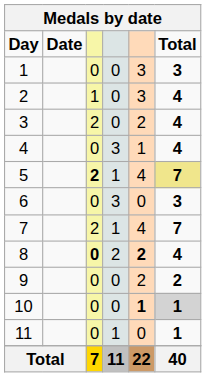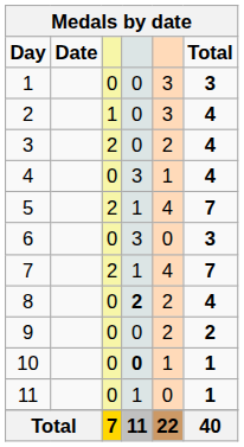 <table class="wikitable" style="font-size:95%">
 <tr style="background:#efefef;">
 <th colspan=6>Medals by date</th>
 </tr>
 <tr style="text-align:center;">
 <td><strong>Day</strong></td>
 <td><strong>Date</strong></td>
 <td style="background:#F7F6A8;"></td>
 <td style="background:#DCE5E5;"></td>
 <td style="background:#FFDAB9;"></td>
 <td><strong>Total</strong></td>
 </tr>
 <tr style="text-align:center;">
 <td>1</td>
 <td></td>
 <td style="background:#F7F6A8;">0</td>
 <td style="background:#DCE5E5;">0</td>
 <td style="background:#FFDAB9;">3</td>
 <td><strong>3</strong></td>
 </tr>
 <tr style="text-align:center;">
 <td>2</td>
 <td></td>
 <td style="background:#F7F6A8;">1</td>
 <td style="background:#DCE5E5;">0</td>
 <td style="background:#FFDAB9;">3</td>
 <td><strong>4</strong></td>
 </tr>
 <tr style="text-align:center;">
 <td>3</td>
 <td></td>
 <td style="background:#F7F6A8;">2</td>
 <td style="background:#DCE5E5;">0</td>
 <td style="background:#FFDAB9;">2</td>
 <td><strong>4</strong></td>
 </tr>
 <tr style="text-align:center;">
 <td>4</td>
 <td></td>
 <td style="background:#F7F6A8;">0</td>
 <td style="background:#DCE5E5;">3</td>
 <td style="background:#FFDAB9;">1</td>
 <td><strong>4</strong></td>
 </tr>
 <tr style="text-align:center;">
 <td>5</td>
 <td></td>
-<td style="background:#F7F6A8;"><strong>2</strong></td>
+<td style="background:#F7F6A8;">2</td>
 <td style="background:#DCE5E5;">1</td>
 <td style="background:#FFDAB9;">4</td>
-<td style="background: khaki;"><strong>7</strong></td>
+<td><strong>7</strong></td>
 </tr>
 <tr style="text-align:center;">
 <td>6</td>
 <td></td>
 <td style="background:#F7F6A8;">0</td>
 <td style="background:#DCE5E5;">3</td>
 <td style="background:#FFDAB9;">0</td>
 <td><strong>3</strong></td>
 </tr>
 <tr style="text-align:center;">
 <td>7</td>
 <td></td>
 <td style="background:#F7F6A8;">2</td>
 <td style="background:#DCE5E5;">1</td>
 <td style="background:#FFDAB9;">4</td>
 <td><strong>7</strong></td>
 </tr>
 <tr style="text-align:center;">
 <td>8</td>
 <td></td>
-<td style="background:#F7F6A8;"><strong>0</strong></td>
-<td style="background:#DCE5E5;">2</td>
-<td style="background:#FFDAB9;"><strong>2</strong></td>
+<td style="background:#F7F6A8;">0</td>
+<td style="background:#DCE5E5;"><strong>2</strong></td>
+<td style="background:#FFDAB9;">2</td>
 <td><strong>4</strong></td>
 </tr>
 <tr style="text-align:center;">
 <td>9</td>
 <td></td>
 <td style="background:#F7F6A8;">0</td>
 <td style="background:#DCE5E5;">0</td>
 <td style="background:#FFDAB9;">2</td>
 <td><strong>2</strong></td>
 </tr>
 <tr style="text-align:center;">
 <td>10</td>
 <td></td>
 <td style="background:#F7F6A8;">0</td>
-<td style="background:#DCE5E5;">0</td>
-<td style="background:#FFDAB9;"><strong>1</strong></td>
-<td style="background: lightgrey;"><strong>1</strong></td>
+<td style="background:#DCE5E5;"><strong>0</strong></td>
+<td style="background:#FFDAB9;">1</td>
+<td><strong>1</strong></td>
 </tr>
 <tr style="text-align:center;">
 <td>11</td>
 <td></td>
 <td style="background:#F7F6A8;">0</td>
 <td style="background:#DCE5E5;">1</td>
 <td style="background:#FFDAB9;">0</td>
 <td><strong>1</strong></td>
 </tr>
 <tr style="text-align:center;">
 </tr>
 <tr>
 <th colspan="2">Total</th>
 <th style="background:gold;">7</th>
 <th style="background:silver;">11</th>
 <th style="background:#c96;">22</th>
 <th>40</th>
 </tr>
 </table>
